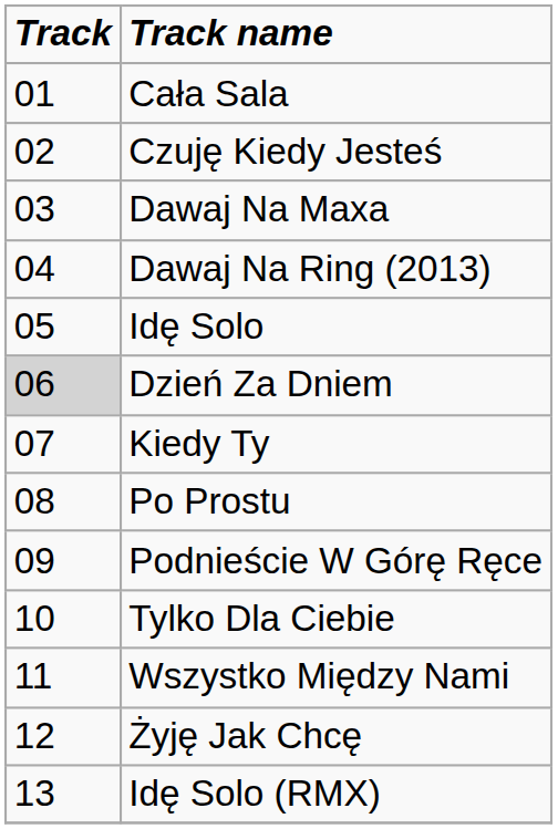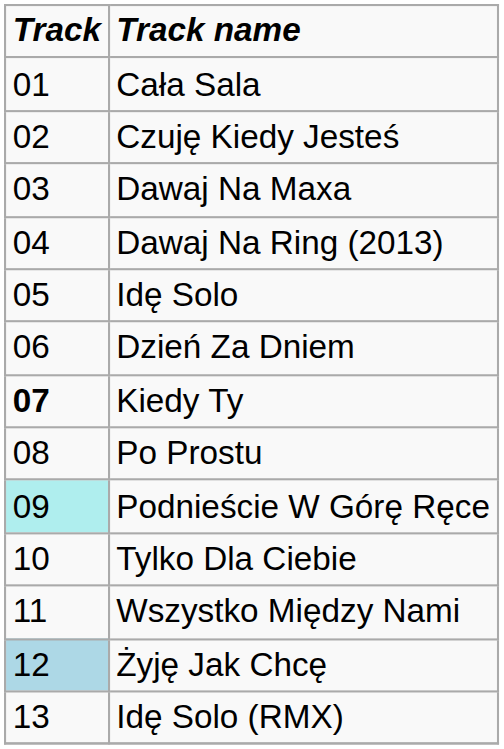 <table class="wikitable" style="text-align:left;">
 <tr>
 <td><strong><em>Track</em></strong></td>
 <td><strong><em>Track name</em></strong></td>
 </tr>
 <tr>
 <td>01</td>
 <td>Cała Sala</td>
 </tr>
 <tr>
 <td>02</td>
 <td>Czuję Kiedy Jesteś</td>
 </tr>
 <tr>
 <td>03</td>
 <td>Dawaj Na Maxa</td>
 </tr>
 <tr>
 <td>04</td>
 <td>Dawaj Na Ring (2013)</td>
 </tr>
 <tr>
 <td>05</td>
 <td>Idę Solo</td>
 </tr>
 <tr>
-<td style="background: lightgrey;">06</td>
+<td>06</td>
 <td>Dzień Za Dniem</td>
 </tr>
 <tr>
-<td>07</td>
+<td><strong>07</strong></td>
 <td>Kiedy Ty</td>
 </tr>
 <tr>
 <td>08</td>
 <td>Po Prostu</td>
 </tr>
 <tr>
-<td>09</td>
+<td style="background: paleturquoise;">09</td>
 <td>Podnieście W Górę Ręce</td>
 </tr>
 <tr>
 <td>10</td>
 <td>Tylko Dla Ciebie</td>
 </tr>
 <tr>
 <td>11</td>
 <td>Wszystko Między Nami</td>
 </tr>
 <tr>
-<td>12</td>
+<td style="background: lightblue;">12</td>
 <td>Żyję Jak Chcę</td>
 </tr>
 <tr>
 <td>13</td>
 <td>Idę Solo (RMX)</td>
 </tr>
 <tr>
 </tr>
 </table>
